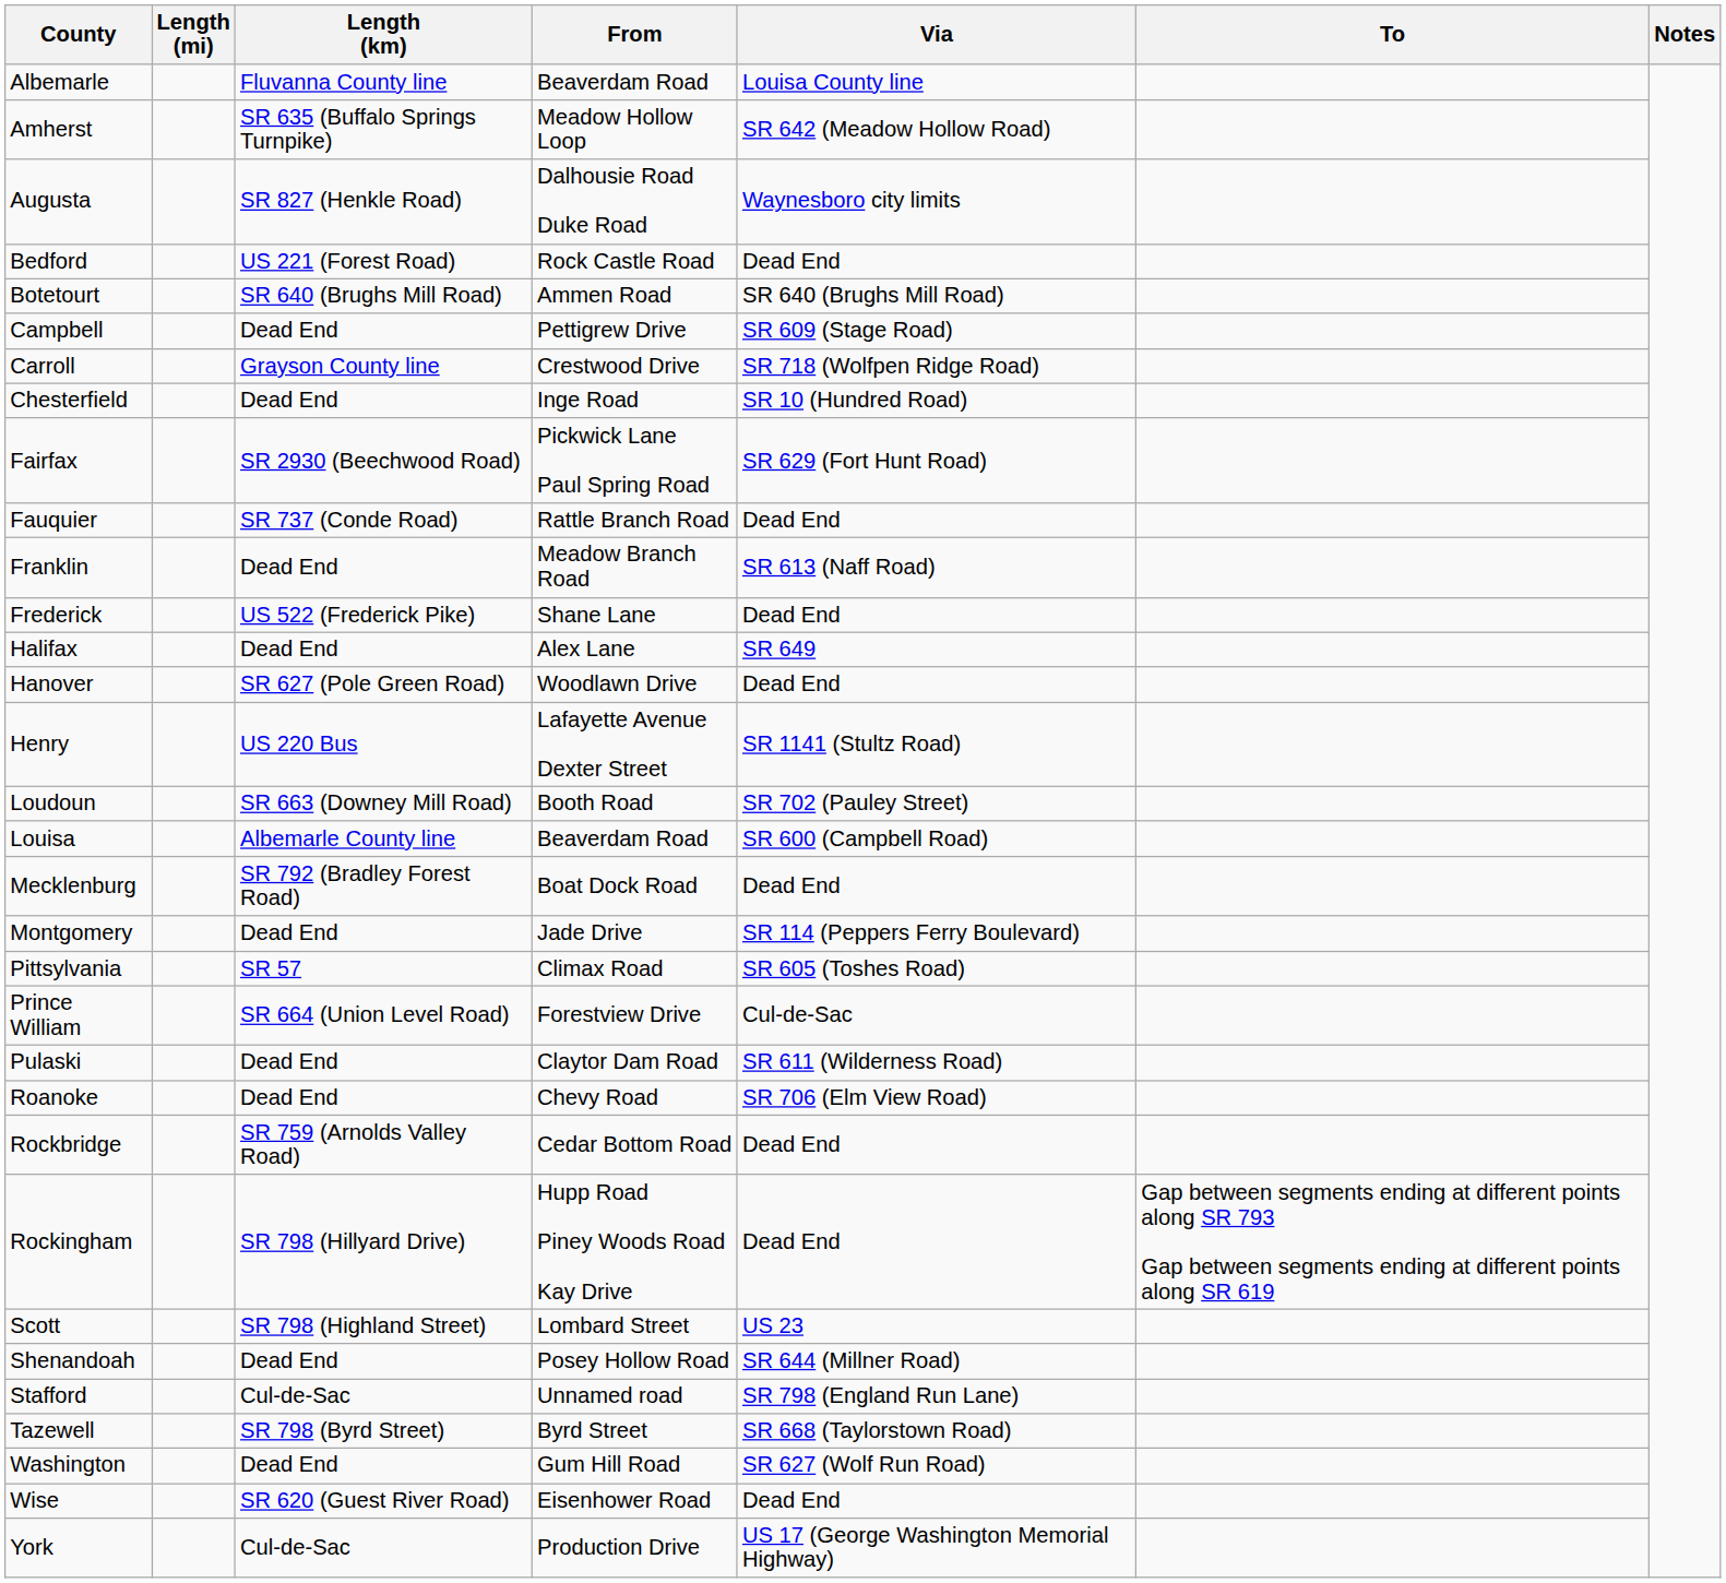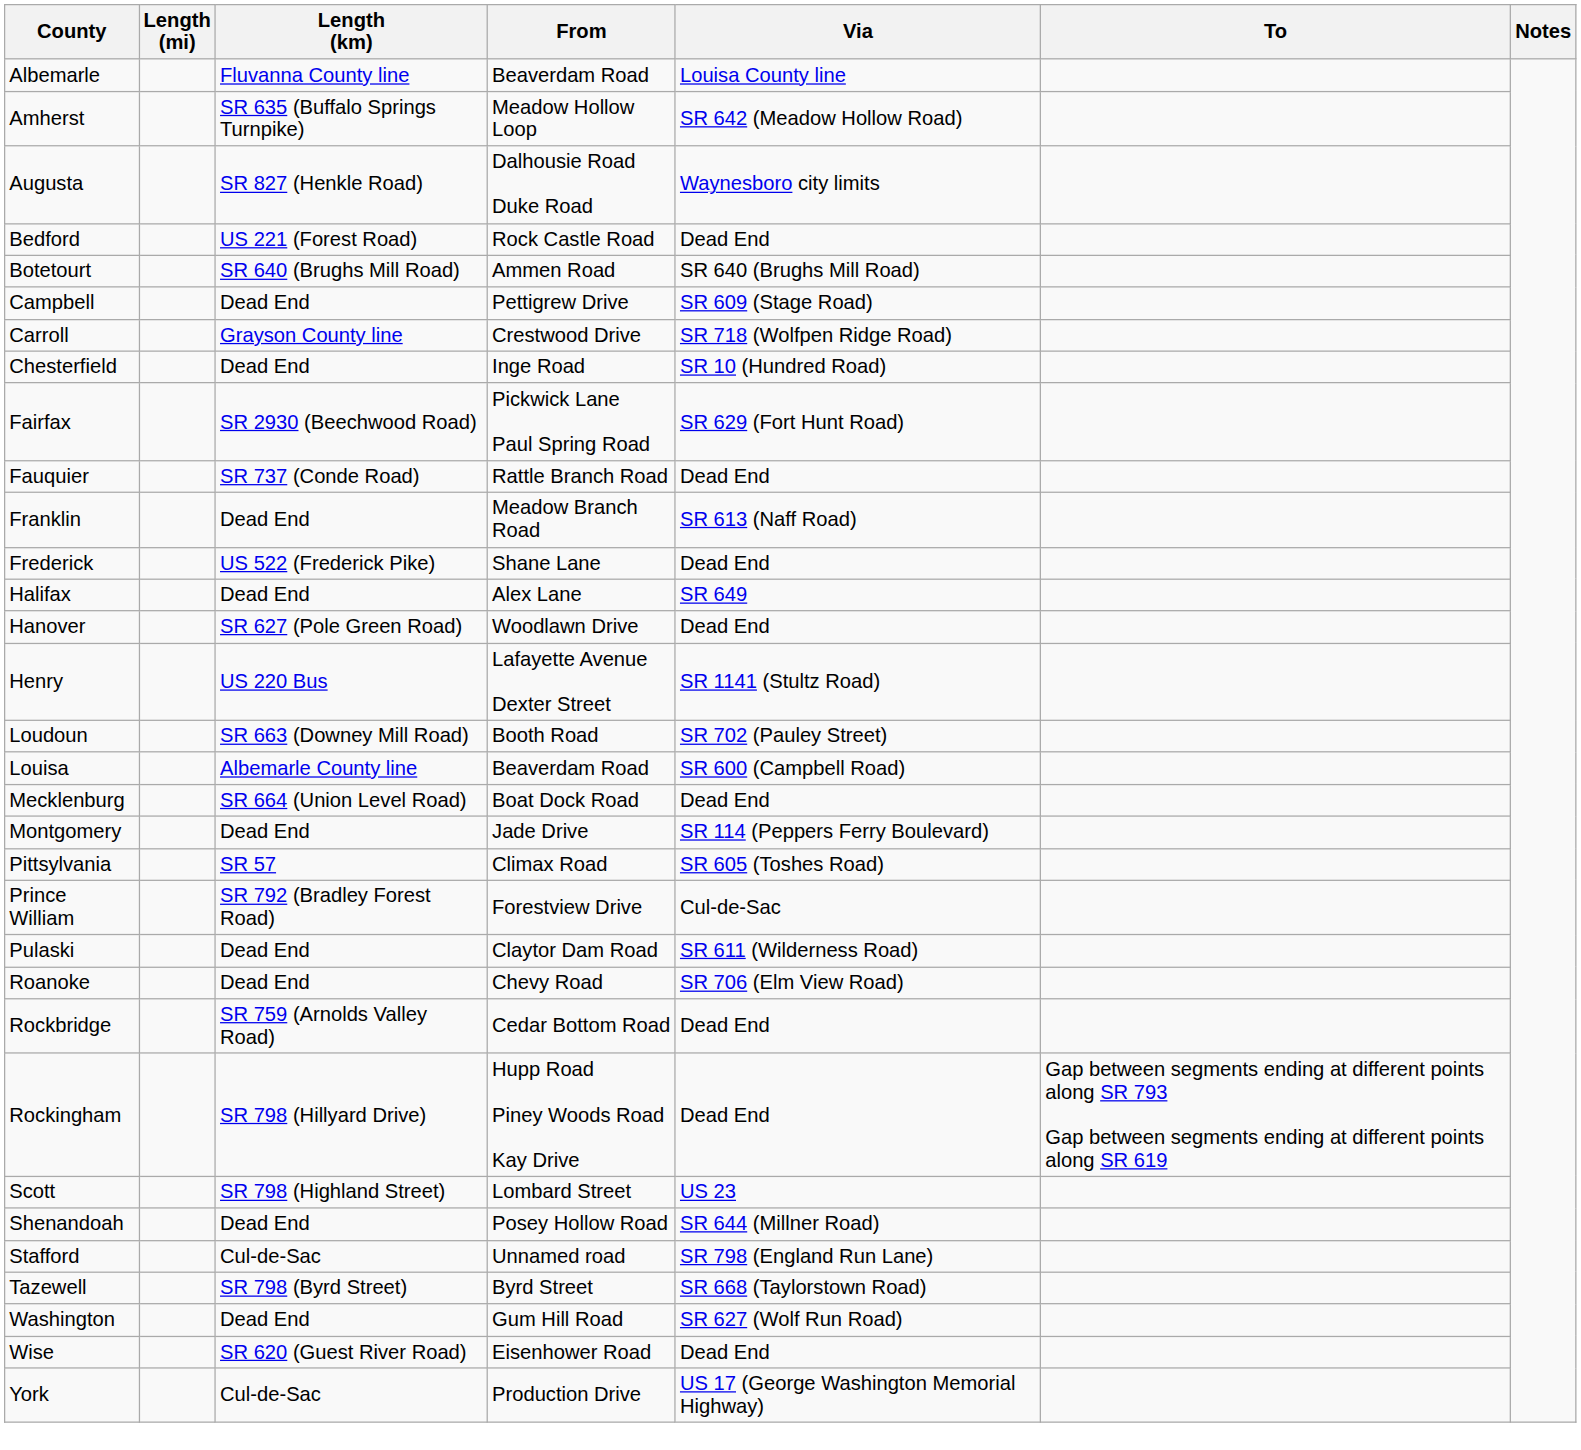 <table class="wikitable sortable">
 <tr>
 <th>County</th>
 <th>Length<br>(mi)</th>
 <th>Length<br>(km)</th>
 <th class="unsortable">From</th>
 <th class="unsortable">Via</th>
 <th class="unsortable">To</th>
 <th class="unsortable">Notes<br></th>
 </tr>
 <tr>
 <td id="Albemarle">Albemarle</td>
 <td></td>
 <td><a href='#'>Fluvanna County line</a></td>
 <td>Beaverdam Road</td>
 <td><a href='#'>Louisa County line</a></td>
 <td><br> </td>
 </tr>
 <tr>
 <td id="Amherst">Amherst</td>
 <td></td>
 <td><a href='#'>SR 635</a> (Buffalo Springs Turnpike)</td>
 <td>Meadow Hollow Loop</td>
 <td><a href='#'>SR 642</a> (Meadow Hollow Road)</td>
 <td><br> </td>
 </tr>
 <tr>
 <td id="Augusta">Augusta</td>
 <td></td>
 <td><a href='#'>SR 827</a> (Henkle Road)</td>
 <td>Dalhousie Road<br><br>Duke Road</td>
 <td><a href='#'>Waynesboro</a> city limits</td>
 <td><br></td>
 </tr>
 <tr>
 <td id="Bedford">Bedford</td>
 <td></td>
 <td><a href='#'>US 221</a> (Forest Road)</td>
 <td>Rock Castle Road</td>
 <td>Dead End</td>
 <td><br></td>
 </tr>
 <tr>
 <td id="Botetourt">Botetourt</td>
 <td></td>
 <td><a href='#'>SR 640</a> (Brughs Mill Road)</td>
 <td>Ammen Road</td>
 <td>SR 640 (Brughs Mill Road)</td>
 <td><br>  </td>
 </tr>
 <tr>
 <td id="Campbell">Campbell</td>
 <td></td>
 <td>Dead End</td>
 <td>Pettigrew Drive</td>
 <td><a href='#'>SR 609</a> (Stage Road)</td>
 <td><br></td>
 </tr>
 <tr>
 <td id="Carroll">Carroll</td>
 <td></td>
 <td><a href='#'>Grayson County line</a></td>
 <td>Crestwood Drive</td>
 <td><a href='#'>SR 718</a> (Wolfpen Ridge Road)</td>
 <td><br> </td>
 </tr>
 <tr>
 <td id="Chesterfield">Chesterfield</td>
 <td></td>
 <td>Dead End</td>
 <td>Inge Road</td>
 <td><a href='#'>SR 10</a> (Hundred Road)</td>
 <td><br>      </td>
 </tr>
 <tr>
 <td id="Fairfax">Fairfax</td>
 <td></td>
 <td><a href='#'>SR 2930</a> (Beechwood Road)</td>
 <td>Pickwick Lane<br><br>Paul Spring Road</td>
 <td><a href='#'>SR 629</a> (Fort Hunt Road)</td>
 <td></td>
 </tr>
 <tr>
 <td id="Fauquier">Fauquier</td>
 <td></td>
 <td><a href='#'>SR 737</a> (Conde Road)</td>
 <td>Rattle Branch Road</td>
 <td>Dead End</td>
 <td><br> </td>
 </tr>
 <tr>
 <td id="Franklin">Franklin</td>
 <td></td>
 <td>Dead End</td>
 <td>Meadow Branch Road</td>
 <td><a href='#'>SR 613</a> (Naff Road)</td>
 <td></td>
 </tr>
 <tr>
 <td id="Frederick">Frederick</td>
 <td></td>
 <td><a href='#'>US 522</a> (Frederick Pike)</td>
 <td>Shane Lane</td>
 <td>Dead End</td>
 <td><br>     </td>
 </tr>
 <tr>
 <td id="Halifax">Halifax</td>
 <td></td>
 <td>Dead End</td>
 <td>Alex Lane</td>
 <td><a href='#'>SR 649</a></td>
 <td></td>
 </tr>
 <tr>
 <td id="Hanover">Hanover</td>
 <td></td>
 <td><a href='#'>SR 627</a> (Pole Green Road)</td>
 <td>Woodlawn Drive</td>
 <td>Dead End</td>
 <td><br></td>
 </tr>
 <tr>
 <td id="Henry">Henry</td>
 <td></td>
 <td><a href='#'>US 220 Bus</a></td>
 <td>Lafayette Avenue<br><br>Dexter Street</td>
 <td><a href='#'>SR 1141</a> (Stultz Road)</td>
 <td><br>       </td>
 </tr>
 <tr>
 <td id="Loudoun">Loudoun</td>
 <td></td>
 <td><a href='#'>SR 663</a> (Downey Mill Road)</td>
 <td>Booth Road</td>
 <td><a href='#'>SR 702</a> (Pauley Street)</td>
 <td></td>
 </tr>
 <tr>
 <td id="Louisa">Louisa</td>
 <td></td>
 <td><a href='#'>Albemarle County line</a></td>
 <td>Beaverdam Road</td>
 <td><a href='#'>SR 600</a> (Campbell Road)</td>
 <td><br>  </td>
 </tr>
 <tr>
 <td id="Mecklenburg">Mecklenburg</td>
 <td></td>
-<td><a href='#'>SR 792</a> (Bradley Forest Road)</td>
+<td><a href='#'>SR 664</a> (Union Level Road)</td>
 <td>Boat Dock Road</td>
 <td>Dead End</td>
 <td><br></td>
 </tr>
 <tr>
 <td id="Montgomery">Montgomery</td>
 <td></td>
 <td>Dead End</td>
 <td>Jade Drive</td>
 <td><a href='#'>SR 114</a> (Peppers Ferry Boulevard)</td>
 <td><br>       </td>
 </tr>
 <tr>
 <td id="Pittsylvania">Pittsylvania</td>
 <td></td>
 <td><a href='#'>SR 57</a></td>
 <td>Climax Road</td>
 <td><a href='#'>SR 605</a> (Toshes Road)</td>
 <td><br>  </td>
 </tr>
 <tr>
 <td id="Prince William">Prince William</td>
 <td></td>
-<td><a href='#'>SR 664</a> (Union Level Road)</td>
+<td><a href='#'>SR 792</a> (Bradley Forest Road)</td>
 <td>Forestview Drive</td>
 <td>Cul-de-Sac</td>
 <td></td>
 </tr>
 <tr>
 <td id="Pulaski">Pulaski</td>
 <td></td>
 <td>Dead End</td>
 <td>Claytor Dam Road</td>
 <td><a href='#'>SR 611</a> (Wilderness Road)</td>
 <td><br> </td>
 </tr>
 <tr>
 <td id="Roanoke">Roanoke</td>
 <td></td>
 <td>Dead End</td>
 <td>Chevy Road</td>
 <td><a href='#'>SR 706</a> (Elm View Road)</td>
 <td></td>
 </tr>
 <tr>
 <td id="Rockbridge">Rockbridge</td>
 <td></td>
 <td><a href='#'>SR 759</a> (Arnolds Valley Road)</td>
 <td>Cedar Bottom Road</td>
 <td>Dead End</td>
 <td></td>
 </tr>
 <tr>
 <td id="Rockingham">Rockingham</td>
 <td></td>
 <td><a href='#'>SR 798</a> (Hillyard Drive)</td>
 <td>Hupp Road<br><br>Piney Woods Road<br><br>Kay Drive</td>
 <td>Dead End</td>
 <td>Gap between segments ending at different points along <a href='#'>SR 793</a><br><br>Gap between segments ending at different points along <a href='#'>SR 619</a><br></td>
 </tr>
 <tr>
 <td id="Scott">Scott</td>
 <td></td>
 <td><a href='#'>SR 798</a> (Highland Street)</td>
 <td>Lombard Street</td>
 <td><a href='#'>US 23</a></td>
 <td></td>
 </tr>
 <tr>
 <td id="Shenandoah">Shenandoah</td>
 <td></td>
 <td>Dead End</td>
 <td>Posey Hollow Road</td>
 <td><a href='#'>SR 644</a> (Millner Road)</td>
 <td><br>  </td>
 </tr>
 <tr>
 <td id="Stafford">Stafford</td>
 <td></td>
 <td>Cul-de-Sac</td>
 <td>Unnamed road</td>
 <td><a href='#'>SR 798</a> (England Run Lane)</td>
 <td><br> </td>
 </tr>
 <tr>
 <td id="Tazewell">Tazewell</td>
 <td></td>
 <td><a href='#'>SR 798</a> (Byrd Street)</td>
 <td>Byrd Street</td>
 <td><a href='#'>SR 668</a> (Taylorstown Road)</td>
 <td><br></td>
 </tr>
 <tr>
 <td id="Washington">Washington</td>
 <td></td>
 <td>Dead End</td>
 <td>Gum Hill Road</td>
 <td><a href='#'>SR 627</a> (Wolf Run Road)</td>
 <td><br></td>
 </tr>
 <tr>
 <td id="Wise">Wise</td>
 <td></td>
 <td><a href='#'>SR 620</a> (Guest River Road)</td>
 <td>Eisenhower Road</td>
 <td>Dead End</td>
 <td><br></td>
 </tr>
 <tr>
 <td id="York">York</td>
 <td></td>
 <td>Cul-de-Sac</td>
 <td>Production Drive</td>
 <td><a href='#'>US 17</a> (George Washington Memorial Highway)</td>
 <td></td>
 </tr>
 </table>
